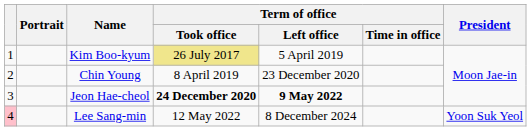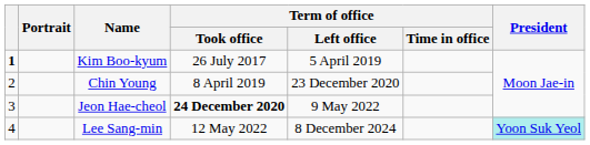 <table class="wikitable sortable" style="text-align:center">
 <tr>
 <th rowspan="2"></th>
 <th rowspan="2">Portrait</th>
 <th rowspan="2">Name</th>
 <th colspan="3">Term of office</th>
 <th rowspan="2"><a href='#'>President</a></th>
 </tr>
 <tr>
 <th>Took office</th>
 <th>Left office</th>
 <th>Time in office</th>
 </tr>
 <tr>
-<td>1</td>
+<td><strong>1</strong></td>
 <td></td>
 <td><a href='#'>Kim Boo-kyum</a></td>
-<td style="background: khaki;">26 July 2017</td>
+<td>26 July 2017</td>
 <td>5 April 2019</td>
 <td></td>
 <td rowspan="3"><a href='#'>Moon Jae-in</a></td>
 </tr>
 <tr>
 <td>2</td>
 <td></td>
 <td><a href='#'>Chin Young</a></td>
 <td>8 April 2019</td>
 <td>23 December 2020</td>
 <td></td>
 </tr>
 <tr>
 <td>3</td>
 <td></td>
 <td><a href='#'>Jeon Hae-cheol</a></td>
 <td><strong>24 December 2020</strong></td>
-<td><strong>9 May 2022</strong></td>
+<td>9 May 2022</td>
 <td></td>
 </tr>
 <tr>
-<td style="background: pink;">4</td>
+<td>4</td>
 <td></td>
 <td><a href='#'>Lee Sang-min</a></td>
 <td>12 May 2022</td>
 <td>8 December 2024</td>
 <td></td>
-<td><a href='#'>Yoon Suk Yeol</a></td>
+<td style="background: paleturquoise;"><a href='#'>Yoon Suk Yeol</a></td>
 </tr>
 </table>
